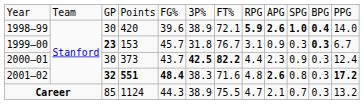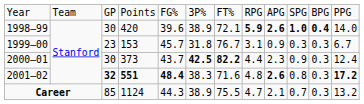 <table class="wikitable sortable">
 <tr>
 <td>Year</td>
 <td>Team</td>
 <td>GP</td>
 <td>Points</td>
 <td>FG%</td>
 <td>3P%</td>
 <td>FT%</td>
 <td>RPG</td>
 <td>APG</td>
 <td>SPG</td>
 <td>BPG</td>
 <td>PPG</td>
 </tr>
 <tr>
 <td>1998–99</td>
 <td rowspan=4><a href='#'>Stanford</a></td>
 <td>30</td>
 <td>420</td>
 <td>39.6</td>
 <td>38.9</td>
 <td>72.1</td>
 <td><strong>5.9</strong></td>
 <td><strong>2.6</strong></td>
 <td><strong>1.0</strong></td>
 <td><strong>0.4</strong></td>
 <td>14.0</td>
 </tr>
 <tr>
 <td>1999–00</td>
-<td><strong>23</strong></td>
+<td>23</td>
 <td>153</td>
 <td>45.7</td>
 <td>31.8</td>
 <td>76.7</td>
 <td>3.1</td>
 <td>0.9</td>
 <td>0.3</td>
-<td><strong>0.3</strong></td>
+<td>0.3</td>
 <td>6.7</td>
 </tr>
 <tr>
 <td>2000–01</td>
 <td>30</td>
 <td>373</td>
 <td>43.7</td>
 <td><strong>42.5</strong></td>
 <td><strong>82.2</strong></td>
 <td>4.4</td>
 <td>2.3</td>
 <td>0.9</td>
 <td>0.3</td>
 <td>12.4</td>
 </tr>
 <tr>
 <td>2001–02</td>
 <td><strong>32</strong></td>
 <td><strong>551</strong></td>
 <td><strong>48.4</strong></td>
 <td>38.3</td>
 <td>71.6</td>
 <td>4.8</td>
 <td><strong>2.6</strong></td>
 <td>0.8</td>
 <td>0.3</td>
 <td><strong>17.2</strong></td>
 </tr>
 <tr class="sortbottom">
 <td align=center colspan=2><strong>Career</strong></td>
 <td>85</td>
 <td>1124</td>
 <td>44.3</td>
 <td>38.9</td>
 <td>75.5</td>
 <td>4.7</td>
 <td>2.1</td>
 <td>0.7</td>
 <td>0.3</td>
 <td>13.2</td>
 </tr>
 </table>
